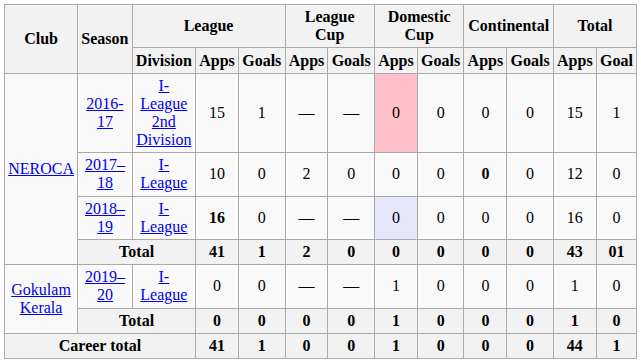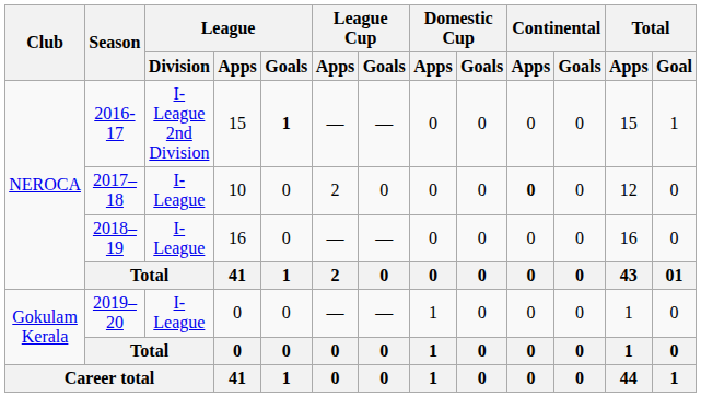 <table class="wikitable" style="text-align: center;">
 <tr>
 <th rowspan="2">Club</th>
 <th rowspan="2">Season</th>
 <th colspan="3">League</th>
 <th colspan="2">League Cup</th>
 <th colspan="2">Domestic Cup</th>
 <th colspan="2">Continental</th>
 <th colspan="2">Total</th>
 </tr>
 <tr>
 <th>Division</th>
 <th>Apps</th>
 <th>Goals</th>
 <th>Apps</th>
 <th>Goals</th>
 <th>Apps</th>
 <th>Goals</th>
 <th>Apps</th>
 <th>Goals</th>
 <th>Apps</th>
 <th>Goal</th>
 </tr>
 <tr>
 <td rowspan="4"><a href='#'>NEROCA</a></td>
 <td><a href='#'>2016-17</a></td>
 <td><a href='#'>I-League 2nd Division</a></td>
 <td>15</td>
-<td>1</td>
+<td><strong>1</strong></td>
 <td>—</td>
 <td>—</td>
-<td style="background: pink;">0</td>
+<td>0</td>
 <td>0</td>
 <td>0</td>
 <td>0</td>
 <td>15</td>
 <td>1</td>
 </tr>
 <tr>
 <td><a href='#'>2017–18</a></td>
 <td><a href='#'>I-League</a></td>
 <td>10</td>
 <td>0</td>
 <td>2</td>
 <td>0</td>
 <td>0</td>
 <td>0</td>
 <td><strong>0</strong></td>
 <td>0</td>
 <td>12</td>
 <td>0</td>
 </tr>
 <tr>
 <td><a href='#'>2018–19</a></td>
 <td><a href='#'>I-League</a></td>
-<td><strong>16</strong></td>
+<td>16</td>
 <td>0</td>
 <td>—</td>
 <td>—</td>
-<td style="background: lavender;">0</td>
+<td>0</td>
 <td>0</td>
 <td>0</td>
 <td>0</td>
 <td>16</td>
 <td>0</td>
 </tr>
 <tr>
 <th colspan="2">Total</th>
 <th>41</th>
 <th>1</th>
 <th>2</th>
 <th>0</th>
 <th>0</th>
 <th>0</th>
 <th>0</th>
 <th>0</th>
 <th>43</th>
 <th>01</th>
 </tr>
 <tr>
 <td rowspan="2"><a href='#'>Gokulam Kerala</a></td>
 <td><a href='#'>2019–20</a></td>
 <td><a href='#'>I-League</a></td>
 <td>0</td>
 <td>0</td>
 <td>—</td>
 <td>—</td>
 <td>1</td>
 <td>0</td>
 <td>0</td>
 <td>0</td>
 <td>1</td>
 <td>0</td>
 </tr>
 <tr>
 <th colspan="2">Total</th>
 <th>0</th>
 <th>0</th>
 <th>0</th>
 <th>0</th>
 <th>1</th>
 <th>0</th>
 <th>0</th>
 <th>0</th>
 <th>1</th>
 <th>0</th>
 </tr>
 <tr>
 <th colspan="3">Career total</th>
 <th>41</th>
 <th>1</th>
 <th>0</th>
 <th>0</th>
 <th>1</th>
 <th>0</th>
 <th>0</th>
 <th>0</th>
 <th>44</th>
 <th>1</th>
 </tr>
 </table>
